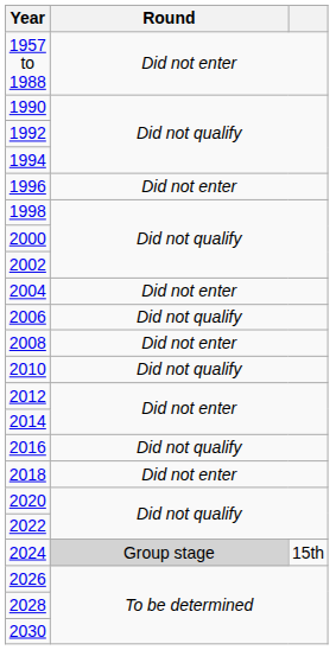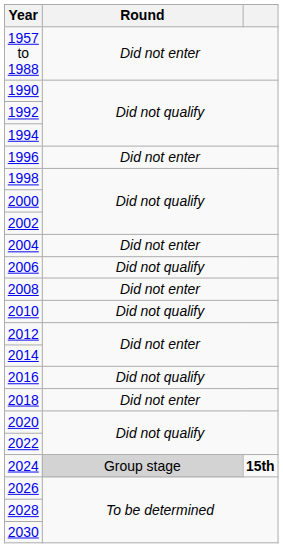 <table class="wikitable" style="text-align: center; font-size:90%">
 <tr>
 <th>Year</th>
 <th style="width:200px">Round</th>
 <th></th>
 </tr>
 <tr>
 <td><a href='#'>1957</a><br>to<br><a href='#'>1988</a></td>
 <td colspan="2"><em>Did not enter</em></td>
 </tr>
 <tr>
 <td><a href='#'>1990</a></td>
 <td colspan="2" rowspan="3"><em>Did not qualify</em></td>
 </tr>
 <tr>
 <td><a href='#'>1992</a></td>
 </tr>
 <tr>
 <td><a href='#'>1994</a></td>
 </tr>
 <tr>
 <td><a href='#'>1996</a></td>
 <td colspan="2"><em>Did not enter</em></td>
 </tr>
 <tr>
 <td><a href='#'>1998</a></td>
 <td colspan="2" rowspan="3"><em>Did not qualify</em></td>
 </tr>
 <tr>
 <td><a href='#'>2000</a></td>
 </tr>
 <tr>
 <td><a href='#'>2002</a></td>
 </tr>
 <tr>
 <td><a href='#'>2004</a></td>
 <td colspan="2"><em>Did not enter</em></td>
 </tr>
 <tr>
 <td><a href='#'>2006</a></td>
 <td colspan="2"><em>Did not qualify</em></td>
 </tr>
 <tr>
 <td><a href='#'>2008</a></td>
 <td colspan="2"><em>Did not enter</em></td>
 </tr>
 <tr>
 <td><a href='#'>2010</a></td>
 <td colspan="2"><em>Did not qualify</em></td>
 </tr>
 <tr>
 <td><a href='#'>2012</a></td>
 <td colspan="2" rowspan="2"><em>Did not enter</em></td>
 </tr>
 <tr>
 <td><a href='#'>2014</a></td>
 </tr>
 <tr>
 <td><a href='#'>2016</a></td>
 <td colspan="2"><em>Did not qualify</em></td>
 </tr>
 <tr>
 <td><a href='#'>2018</a></td>
 <td colspan="2"><em>Did not enter</em></td>
 </tr>
 <tr>
 <td><a href='#'>2020</a></td>
 <td colspan="2" rowspan="2"><em>Did not qualify</em></td>
 </tr>
 <tr>
 <td><a href='#'>2022</a></td>
 </tr>
 <tr>
 <td><a href='#'>2024</a></td>
 <td style="background: lightgrey;">Group stage</td>
-<td>15th</td>
+<td><strong>15th</strong></td>
 </tr>
 <tr>
 <td><a href='#'>2026</a></td>
 <td colspan="2" rowspan="3"><em>To be determined</em></td>
 </tr>
 <tr>
 <td><a href='#'>2028</a></td>
 </tr>
 <tr>
 <td><a href='#'>2030</a></td>
 </tr>
 </table>
